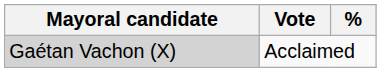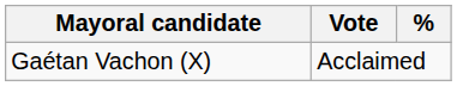 <table class="wikitable">
 <tr>
 <th bgcolor="#DDDDFF" width="200px">Mayoral candidate</th>
 <th bgcolor="#DDDDFF" width="50px">Vote</th>
 <th bgcolor="#DDDDFF"  width="30px">%</th>
 </tr>
 <tr>
-<td style="background: lightgrey;">Gaétan Vachon (X)</td>
+<td>Gaétan Vachon (X)</td>
 <td colspan="2">Acclaimed</td>
 </tr>
 </table>
